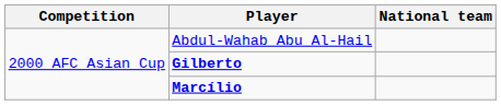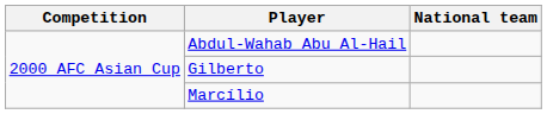 <table class="wikitable">
 <tr>
 <th>Competition</th>
 <th>Player</th>
 <th>National team</th>
 </tr>
 <tr>
 <td rowspan="3"><a href='#'>2000 AFC Asian Cup</a></td>
 <td><a href='#'>Abdul-Wahab Abu Al-Hail</a></td>
 <td></td>
 </tr>
 <tr>
-<td><strong><a href='#'>Gilberto</a></strong></td>
+<td><a href='#'>Gilberto</a></td>
 <td></td>
 </tr>
 <tr>
-<td><strong><a href='#'>Marcílio</a></strong></td>
+<td><a href='#'>Marcílio</a></td>
 <td></td>
 </tr>
 </table>
